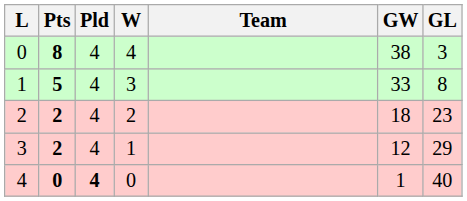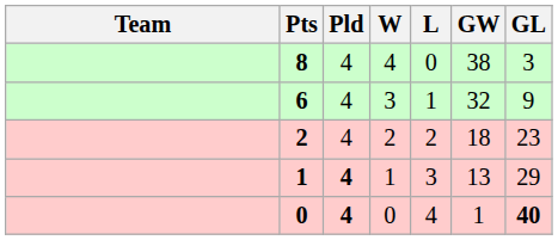 <table class=wikitable style="text-align:center">
 <tr>
-<th width=20>L</th>
+<th width=175>Team</th>
 <th width=20>Pts</th>
 <th width=20>Pld</th>
 <th width=20>W</th>
-<th width=175>Team</th>
+<th width=20>L</th>
 <th width=20>GW</th>
 <th width=20>GL</th>
 </tr>
 <tr bgcolor=ccffcc>
-<td>0</td>
+<td style="text-align:left"></td>
 <td><strong>8</strong></td>
 <td>4</td>
 <td>4</td>
-<td style="text-align:left"></td>
+<td>0</td>
 <td>38</td>
 <td>3</td>
 </tr>
 <tr bgcolor=ccffcc>
-<td>1</td>
-<td><strong>5</strong></td>
+<td style="text-align:left"></td>
+<td><strong>6</strong></td>
 <td>4</td>
 <td>3</td>
-<td style="text-align:left"></td>
-<td>33</td>
-<td>8</td>
+<td>1</td>
+<td>32</td>
+<td>9</td>
 </tr>
 <tr bgcolor=ffcccc>
-<td>2</td>
+<td style="text-align:left"></td>
 <td><strong>2</strong></td>
 <td>4</td>
 <td>2</td>
-<td style="text-align:left"></td>
+<td>2</td>
 <td>18</td>
 <td>23</td>
 </tr>
 <tr bgcolor=ffcccc>
+<td style="text-align:left"></td>
+<td><strong>1</strong></td>
+<td><strong>4</strong></td>
+<td>1</td>
 <td>3</td>
-<td><strong>2</strong></td>
-<td>4</td>
-<td>1</td>
-<td style="text-align:left"></td>
-<td>12</td>
+<td>13</td>
 <td>29</td>
 </tr>
 <tr bgcolor=ffcccc>
-<td>4</td>
+<td style="text-align:left"></td>
 <td><strong>0</strong></td>
 <td><strong>4</strong></td>
 <td>0</td>
-<td style="text-align:left"></td>
+<td>4</td>
 <td>1</td>
-<td>40</td>
+<td><strong>40</strong></td>
 </tr>
 </table>
